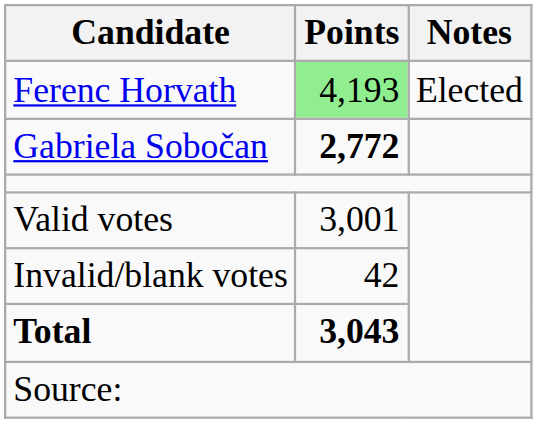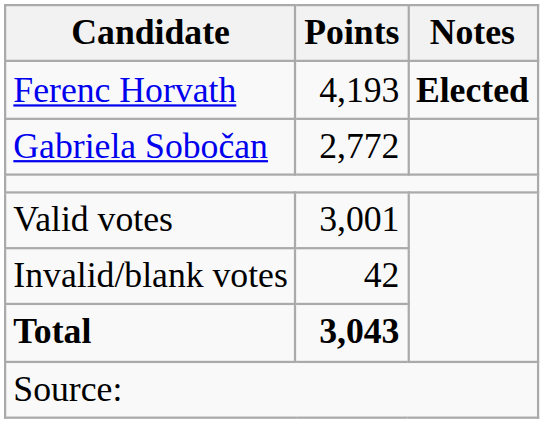 <table class="wikitable" style="text-align:right">
 <tr>
 <th>Candidate</th>
 <th>Points</th>
 <th>Notes</th>
 </tr>
 <tr>
 <td style="text-align:left;"><a href='#'>Ferenc Horvath</a></td>
-<td style="background: lightgreen;">4,193</td>
-<td style="text-align:left;">Elected</td>
+<td>4,193</td>
+<td style="text-align:left;"><strong>Elected</strong></td>
 </tr>
 <tr>
 <td style="text-align:left;"><a href='#'>Gabriela Sobočan</a></td>
-<td><strong>2,772</strong></td>
+<td>2,772</td>
 <td></td>
 </tr>
 <tr>
 <td colspan="3"></td>
 </tr>
 <tr>
 <td style="text-align:left;">Valid votes</td>
 <td>3,001</td>
 <td colspan="2" rowspan="3"></td>
 </tr>
 <tr>
 <td style="text-align:left;">Invalid/blank votes</td>
 <td>42</td>
 </tr>
 <tr>
 <td style="text-align:left;"><strong>Total</strong></td>
 <td><strong>3,043</strong></td>
 </tr>
 <tr>
 <td colspan="3" style="text-align:left;">Source: </td>
 </tr>
 </table>
